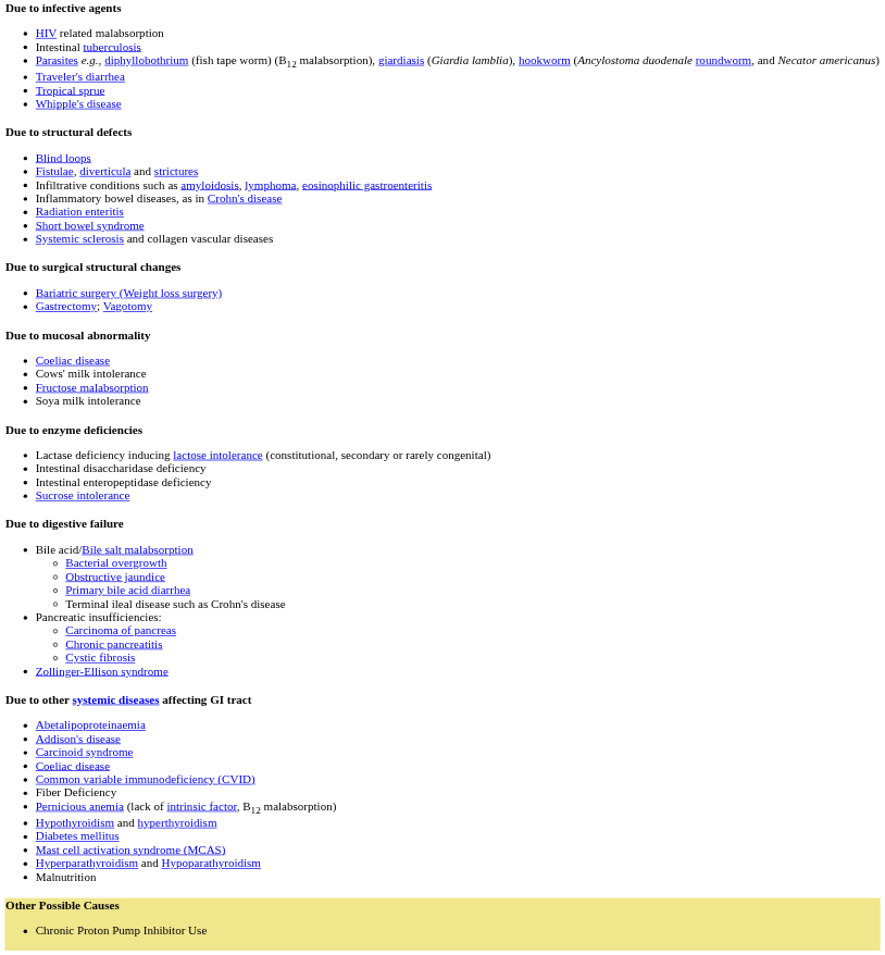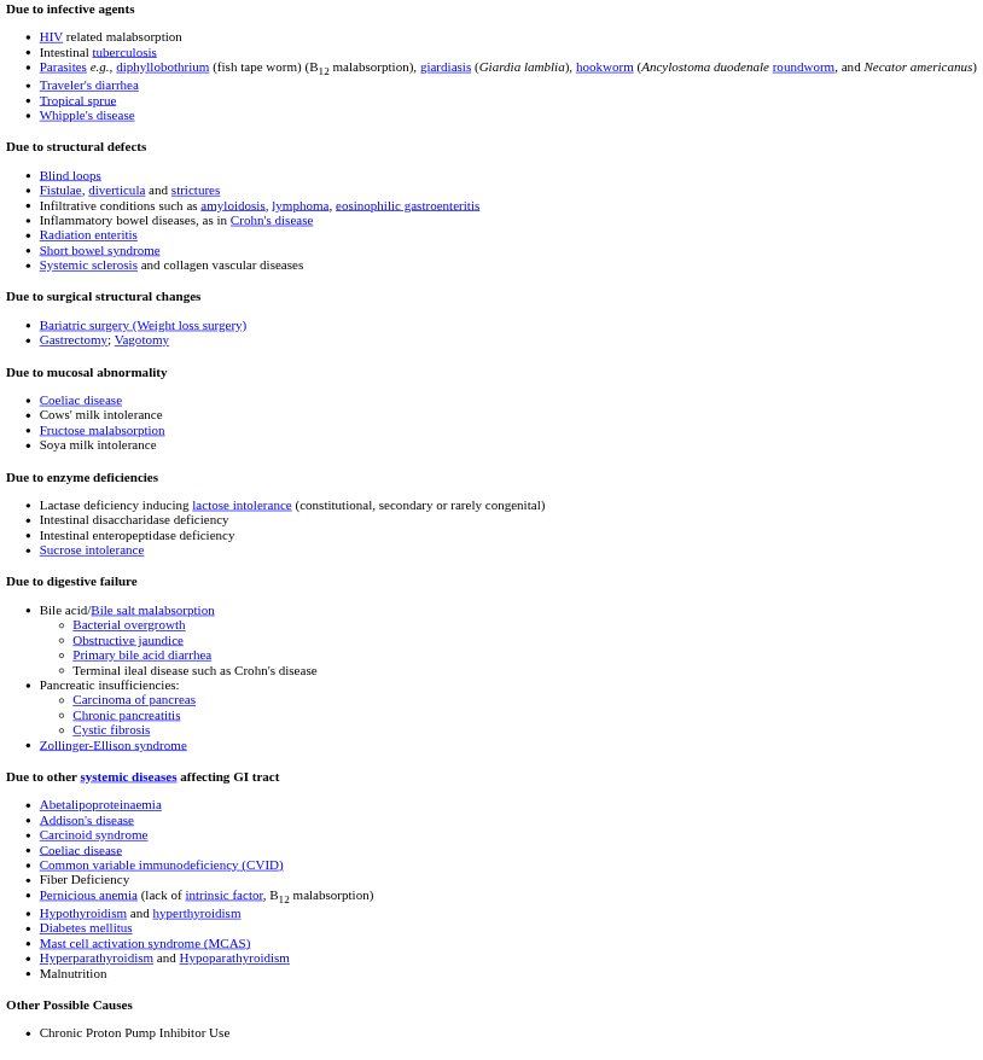 <table>
 <tr>
 <td><strong>Due to infective agents</strong><br><ul><li><a href='#'>HIV</a> related malabsorption</li><li>Intestinal <a href='#'>tuberculosis</a></li><li><a href='#'>Parasites</a> <em>e.g.</em>, <a href='#'>diphyllobothrium</a> (fish tape worm)  (B<sub>12</sub> malabsorption), <a href='#'>giardiasis</a> (<em>Giardia lamblia</em>), <a href='#'>hookworm</a> (<em>Ancylostoma duodenale</em> <a href='#'>roundworm</a>, and <em>Necator americanus</em>)</li><li><a href='#'>Traveler's diarrhea</a></li><li><a href='#'>Tropical sprue</a></li><li><a href='#'>Whipple's disease</a></li></ul></td>
 </tr>
 <tr>
 <td><strong>Due to structural defects</strong><br><ul><li><a href='#'>Blind loops</a></li><li><a href='#'>Fistulae</a>, <a href='#'>diverticula</a> and <a href='#'>strictures</a></li><li>Infiltrative conditions such as <a href='#'>amyloidosis</a>, <a href='#'>lymphoma</a>, <a href='#'>eosinophilic gastroenteritis</a></li><li>Inflammatory bowel diseases, as in <a href='#'>Crohn's disease</a></li><li><a href='#'>Radiation enteritis</a></li><li><a href='#'>Short bowel syndrome</a></li><li><a href='#'>Systemic sclerosis</a> and collagen vascular diseases</li></ul></td>
 </tr>
 <tr>
 <td><strong>Due to surgical structural changes</strong><br><ul><li><a href='#'>Bariatric surgery (Weight loss surgery)</a></li><li><a href='#'>Gastrectomy</a>; <a href='#'>Vagotomy</a></li></ul></td>
 </tr>
 <tr>
 <td><strong>Due to mucosal abnormality</strong><br><ul><li><a href='#'>Coeliac disease</a></li><li>Cows' milk intolerance</li><li><a href='#'>Fructose malabsorption</a></li><li>Soya milk intolerance</li></ul></td>
 </tr>
 <tr>
 <td><strong>Due to enzyme deficiencies</strong><br><ul><li>Lactase deficiency inducing <a href='#'>lactose intolerance</a> (constitutional, secondary or rarely congenital)</li><li>Intestinal disaccharidase deficiency</li><li>Intestinal enteropeptidase deficiency</li><li><a href='#'>Sucrose intolerance</a></li></ul></td>
 </tr>
 <tr>
 <td><strong>Due to digestive failure</strong><br><ul><li>Bile acid/<a href='#'>Bile salt malabsorption</a><ul><li><a href='#'>Bacterial overgrowth</a></li><li><a href='#'>Obstructive jaundice</a></li><li><a href='#'>Primary bile acid diarrhea</a></li><li>Terminal ileal disease such as Crohn's disease</li></ul></li><li>Pancreatic insufficiencies:<ul><li><a href='#'>Carcinoma of pancreas</a></li><li><a href='#'>Chronic pancreatitis</a></li><li><a href='#'>Cystic fibrosis</a></li></ul></li><li><a href='#'>Zollinger-Ellison syndrome</a></li></ul></td>
 </tr>
 <tr>
 <td><strong>Due to other <a href='#'>systemic diseases</a> affecting GI tract</strong><br><ul><li><a href='#'>Abetalipoproteinaemia</a></li><li><a href='#'>Addison's disease</a></li><li><a href='#'>Carcinoid syndrome</a></li><li><a href='#'>Coeliac disease</a></li><li><a href='#'>Common variable immunodeficiency (CVID)</a></li><li>Fiber Deficiency</li><li><a href='#'>Pernicious anemia</a> (lack of <a href='#'>intrinsic factor</a>, B<sub>12</sub> malabsorption)</li><li><a href='#'>Hypothyroidism</a> and <a href='#'>hyperthyroidism</a></li><li><a href='#'>Diabetes mellitus</a></li><li><a href='#'>Mast cell activation syndrome (MCAS)</a></li><li><a href='#'>Hyperparathyroidism</a> and <a href='#'>Hypoparathyroidism</a></li><li>Malnutrition</li></ul></td>
 </tr>
 <tr>
-<td style="background: khaki;"><strong>Other Possible Causes</strong><br><ul><li>Chronic Proton Pump Inhibitor Use</li></ul></td>
+<td><strong>Other Possible Causes</strong><br><ul><li>Chronic Proton Pump Inhibitor Use</li></ul></td>
 </tr>
 </table>
